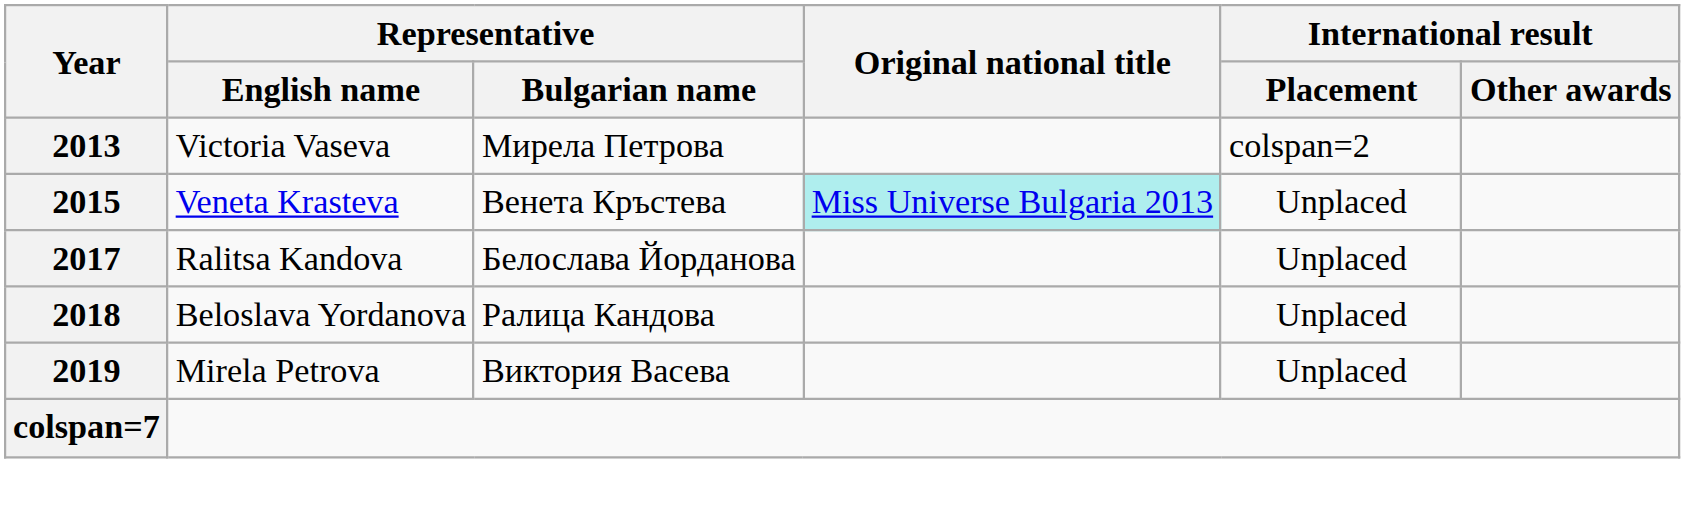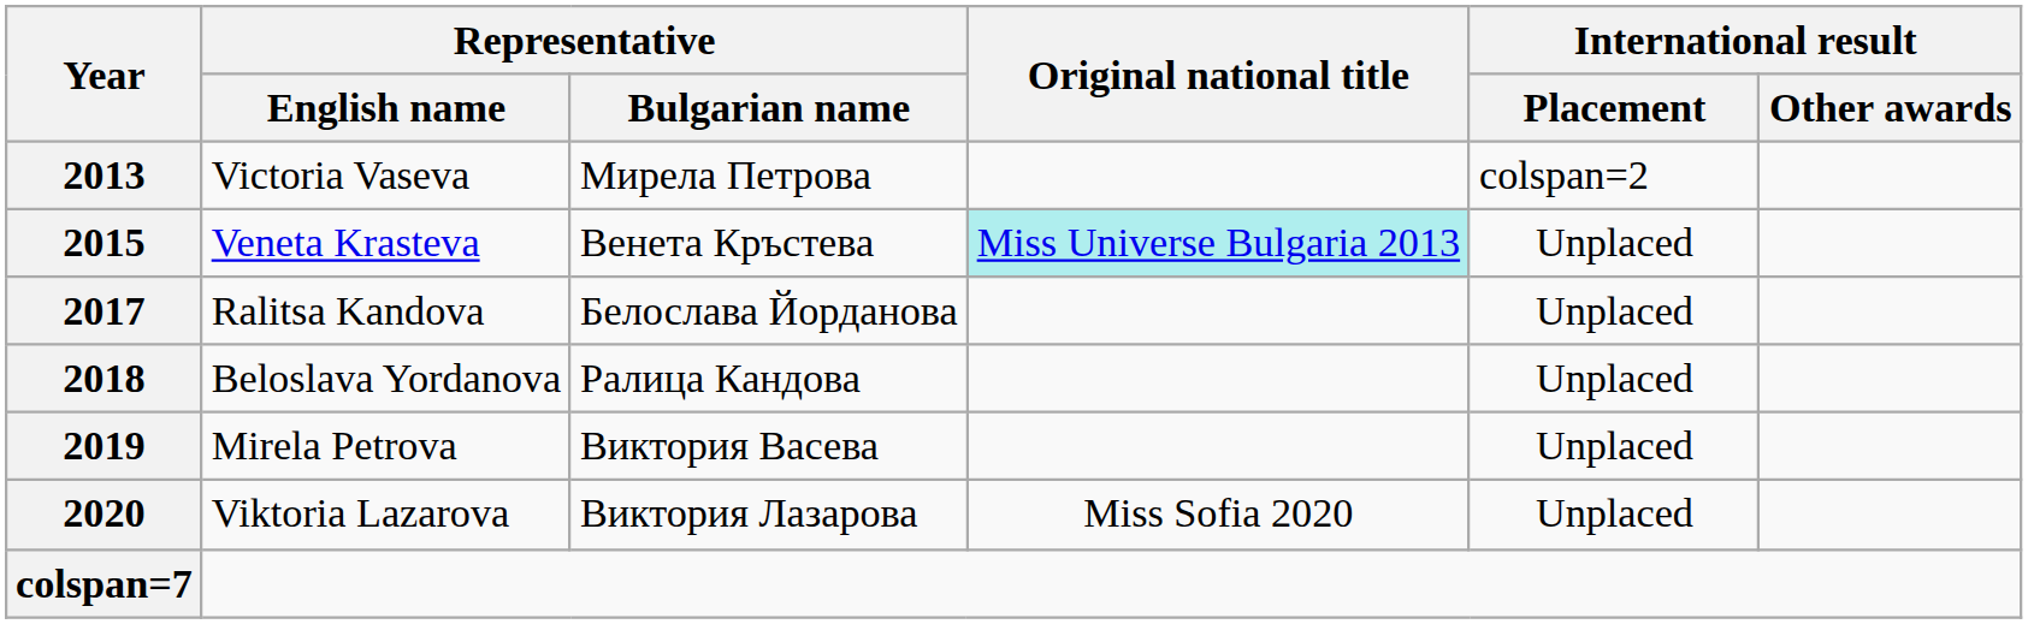 <table class="wikitable" style="font-size:95%;">
 <tr>
 <th rowspan=2>Year</th>
 <th colspan=2>Representative</th>
 <th rowspan=2>Original national title</th>
 <th colspan=2>International result</th>
 </tr>
 <tr>
 <th>English name</th>
 <th>Bulgarian name</th>
 <th width=100px>Placement</th>
 <th>Other awards</th>
 </tr>
 <tr>
 <th>2013</th>
 <td>Victoria Vaseva</td>
 <td>Мирела Петрова</td>
 <td></td>
 <td>colspan=2 </td>
 </tr>
 <tr>
 <th>2015</th>
 <td><a href='#'>Veneta Krasteva</a></td>
 <td>Венета Кръстева</td>
 <td align=center style="background: paleturquoise;"><a href='#'>Miss Universe Bulgaria 2013</a></td>
 <td align=center>Unplaced</td>
 <td></td>
 </tr>
 <tr>
 <th>2017</th>
 <td>Ralitsa Kandova</td>
 <td>Белослава Йорданова</td>
 <td align=center></td>
 <td align=center>Unplaced</td>
 </tr>
 <tr>
 <th>2018</th>
 <td>Beloslava Yordanova</td>
 <td>Ралица Кандова</td>
 <td align=center></td>
 <td align=center>Unplaced</td>
 <td></td>
 </tr>
 <tr>
 <th>2019</th>
 <td>Mirela Petrova</td>
 <td>Виктория Васева</td>
 <td align=center></td>
 <td align=center>Unplaced</td>
 <td></td>
 </tr>
 <tr>
+<th>2020</th>
+<td>Viktoria Lazarova</td>
+<td>Виктория Лазарова</td>
+<td align=center>Miss Sofia 2020</td>
+<td align=center>Unplaced</td>
+<td></td>
+</tr>
+<tr>
 <th>colspan=7 </th>
 </tr>
 </table>
